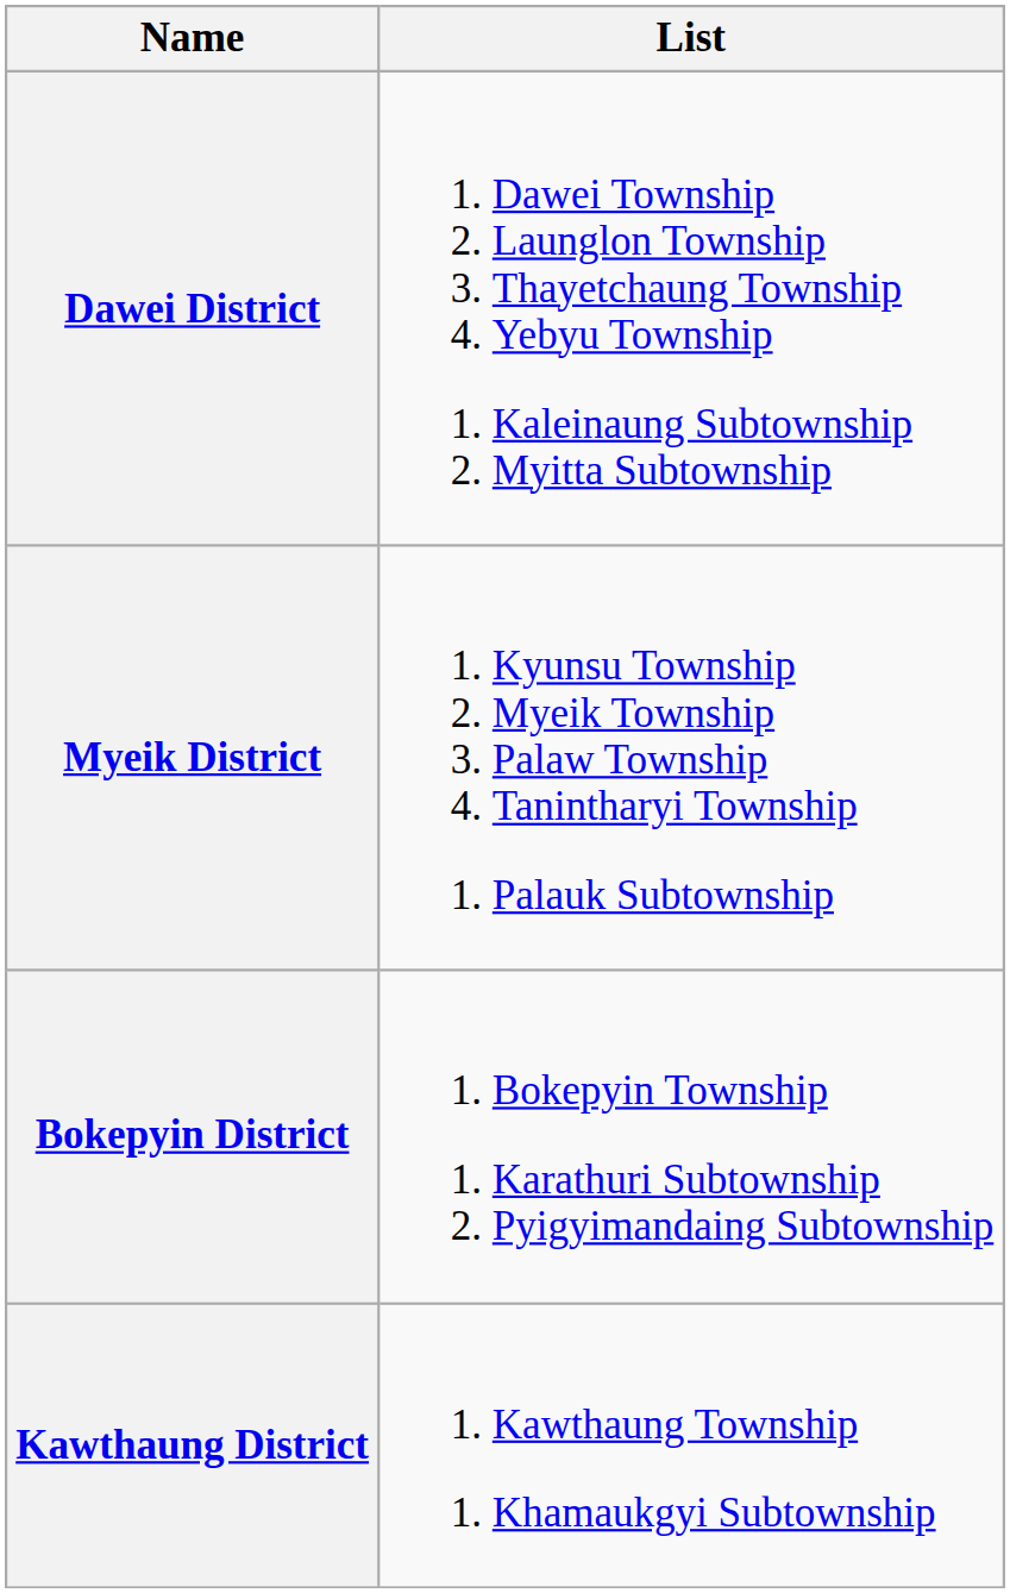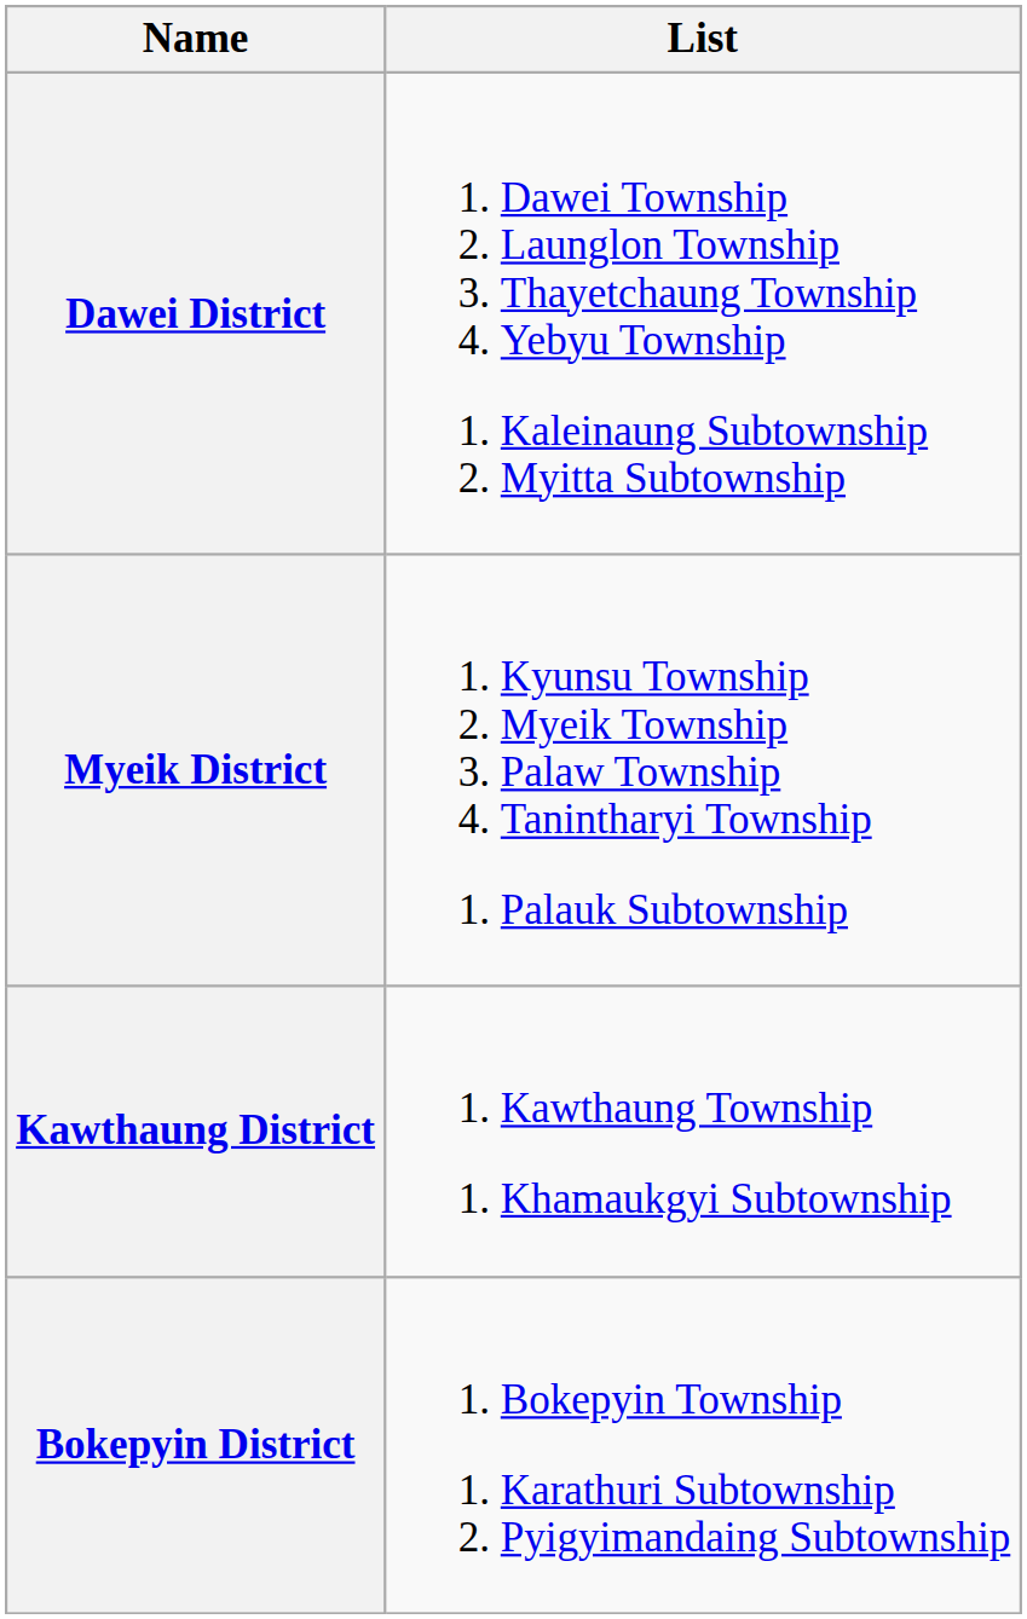 <table class=wikitable>
 <tr>
 <th>Name</th>
 <th>List</th>
 </tr>
 <tr>
 <th><a href='#'>Dawei District</a></th>
 <td><br> <ol><li><a href='#'>Dawei Township</a></li><li><a href='#'>Launglon Township</a></li><li><a href='#'>Thayetchaung Township</a></li><li><a href='#'>Yebyu Township</a></li></ol><ol><li><a href='#'>Kaleinaung Subtownship</a></li><li><a href='#'>Myitta Subtownship</a></li></ol></td>
 </tr>
 <tr>
 <th><a href='#'>Myeik District</a></th>
 <td><br> <ol><li><a href='#'>Kyunsu Township</a></li><li><a href='#'>Myeik Township</a></li><li><a href='#'>Palaw Township</a></li><li><a href='#'>Tanintharyi Township</a></li></ol><ol><li><a href='#'>Palauk Subtownship</a></li></ol></td>
 </tr>
 <tr>
+<th><a href='#'>Kawthaung District</a></th>
+<td><br> <ol><li><a href='#'>Kawthaung Township</a></li></ol><ol><li><a href='#'>Khamaukgyi Subtownship</a></li></ol></td>
+</tr>
+<tr>
 <th><a href='#'>Bokepyin District</a></th>
 <td><br> <ol><li><a href='#'>Bokepyin Township</a></li></ol><ol><li><a href='#'>Karathuri Subtownship</a></li><li><a href='#'>Pyigyimandaing Subtownship</a></li></ol></td>
 </tr>
-<tr>
-<th><a href='#'>Kawthaung District</a></th>
-<td><br> <ol><li><a href='#'>Kawthaung Township</a></li></ol><ol><li><a href='#'>Khamaukgyi Subtownship</a></li></ol></td>
-</tr>
 </table>
